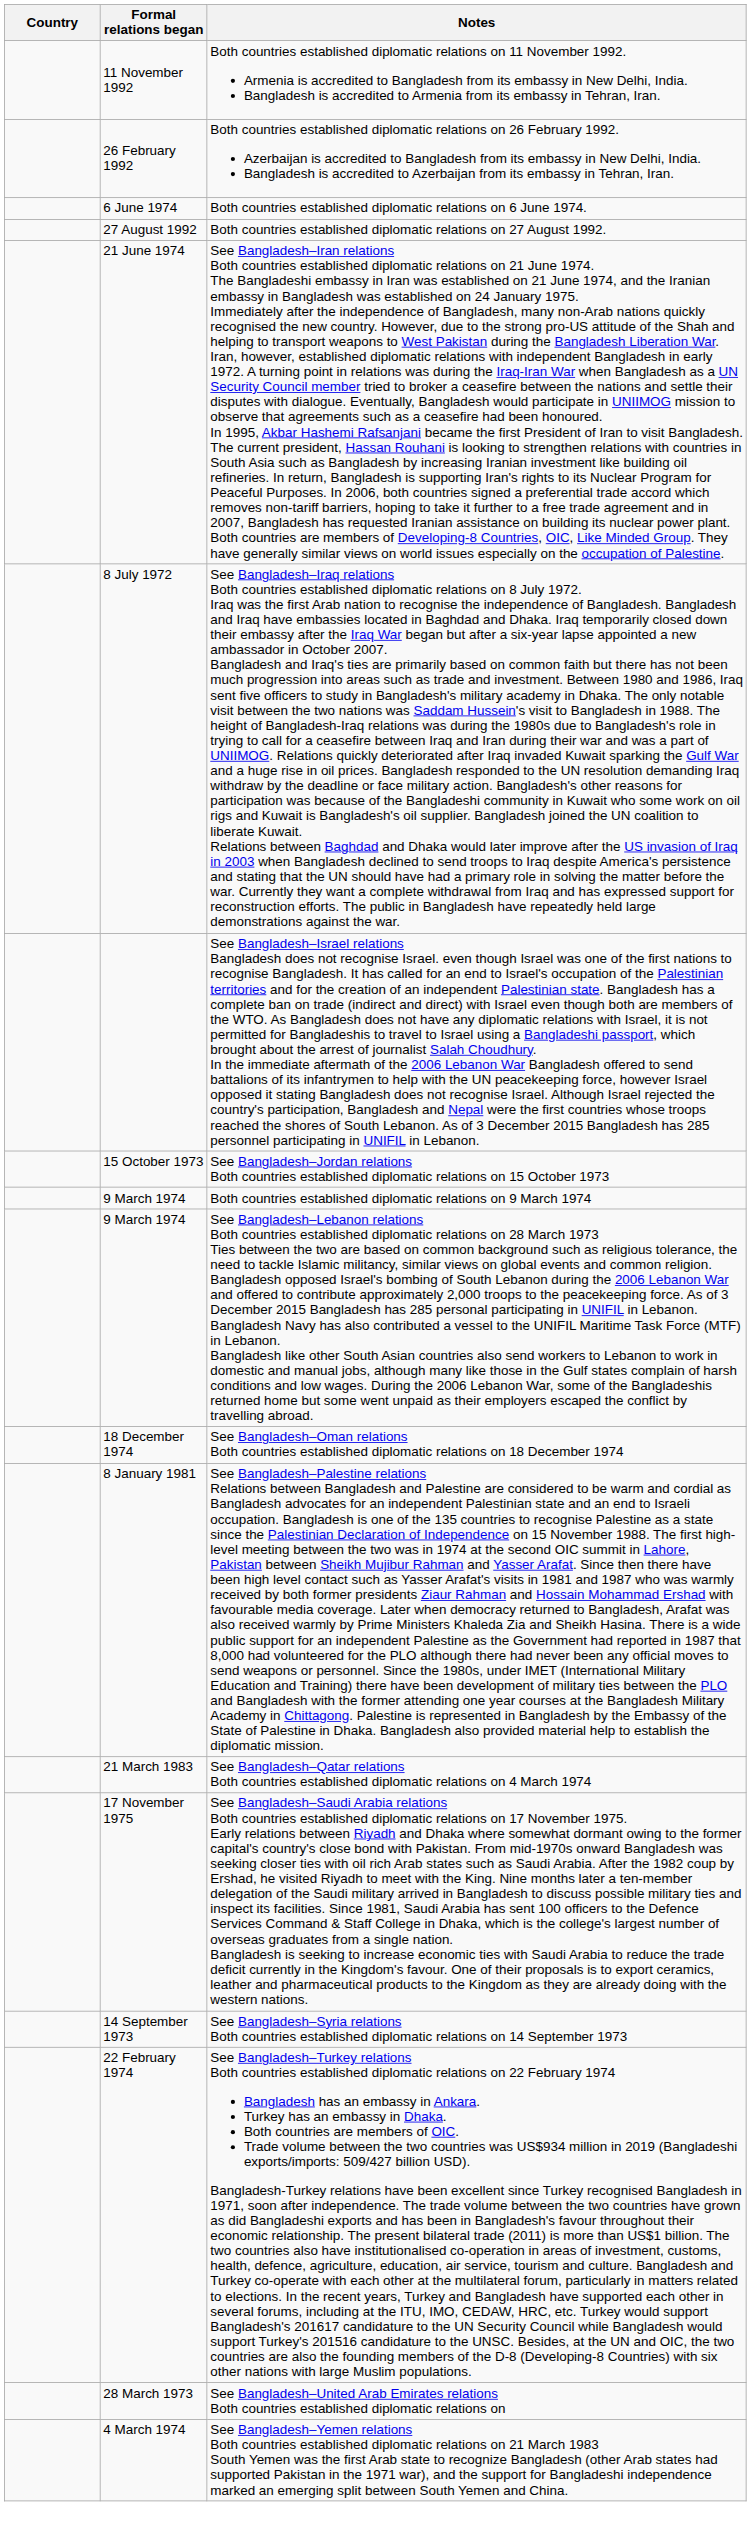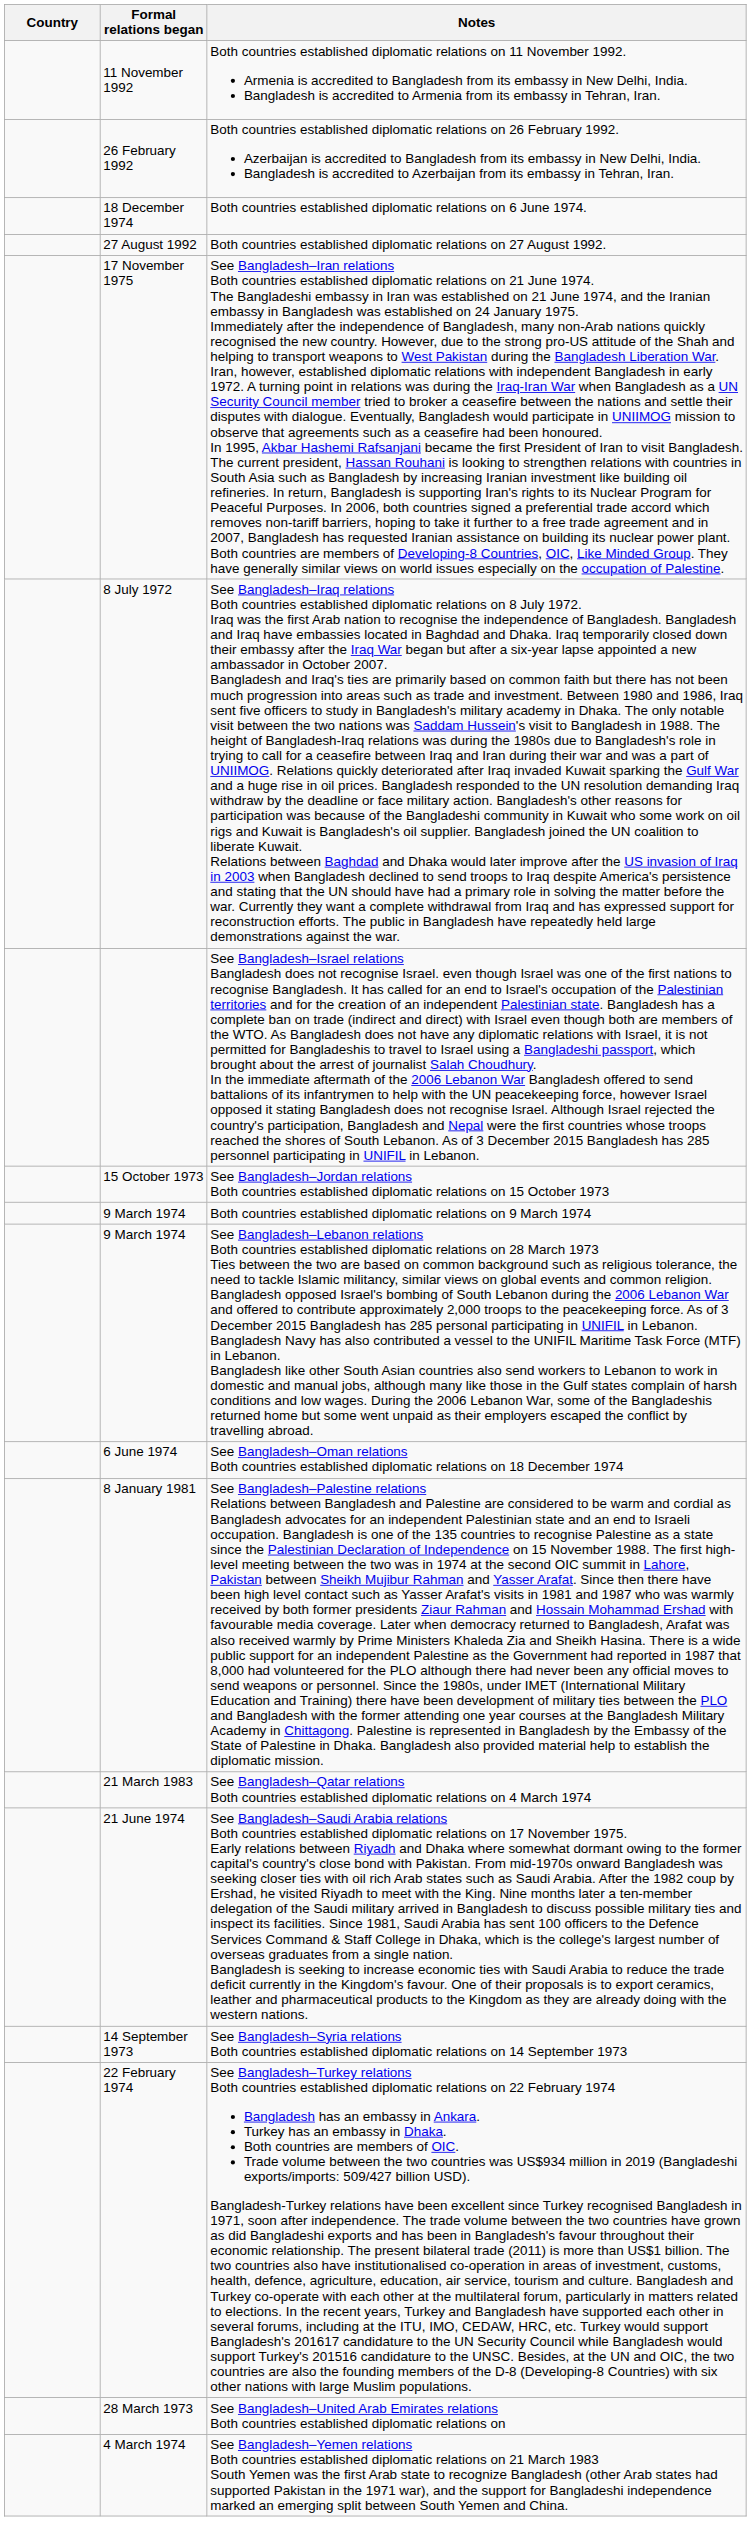 <table class="wikitable sortable" style="width:100%; margin:auto;">
 <tr>
 <th style="width:80pt;">Country</th>
 <th style="width:90pt;">Formal relations began</th>
 <th class=unsortable>Notes</th>
 </tr>
 <tr>
 <td></td>
 <td>11 November 1992</td>
 <td>Both countries established diplomatic relations on 11 November 1992.<br><ul><li>Armenia is accredited to Bangladesh from its embassy in New Delhi, India.</li><li>Bangladesh is accredited to Armenia from its embassy in Tehran, Iran.</li></ul></td>
 </tr>
 <tr>
 <td></td>
 <td>26 February 1992</td>
 <td>Both countries established diplomatic relations on 26 February 1992.<br><ul><li>Azerbaijan is accredited to Bangladesh from its embassy in New Delhi, India.</li><li>Bangladesh is accredited to Azerbaijan from its embassy in Tehran, Iran.</li></ul></td>
 </tr>
 <tr valign="top">
 <td></td>
-<td>6 June 1974</td>
+<td>18 December 1974</td>
 <td>Both countries established diplomatic relations on 6 June 1974.</td>
 </tr>
 <tr>
 <td></td>
 <td>27 August 1992</td>
 <td>Both countries established diplomatic relations on 27 August 1992.</td>
 </tr>
 <tr valign="top">
 <td></td>
-<td>21 June 1974</td>
+<td>17 November 1975</td>
 <td>See <a href='#'>Bangladesh–Iran relations</a><br>Both countries established diplomatic relations on 21 June 1974.<br>The Bangladeshi embassy in Iran was established on 21 June 1974, and the Iranian embassy in Bangladesh was established on 24 January 1975.<br>Immediately after the independence of Bangladesh, many non-Arab nations quickly recognised the new country. However, due to the strong pro-US attitude of the Shah and helping to transport weapons to <a href='#'>West Pakistan</a> during the <a href='#'>Bangladesh Liberation War</a>. Iran, however, established diplomatic relations with independent Bangladesh in early 1972. A turning point in relations was during the <a href='#'>Iraq-Iran War</a> when Bangladesh as a <a href='#'>UN Security Council member</a> tried to broker a ceasefire between the nations and settle their disputes with dialogue. Eventually, Bangladesh would participate in <a href='#'>UNIIMOG</a> mission to observe that agreements such as a ceasefire had been honoured.<br>In 1995, <a href='#'>Akbar Hashemi Rafsanjani</a> became the first President of Iran to visit Bangladesh. The current president, <a href='#'>Hassan Rouhani</a> is looking to strengthen relations with countries in South Asia such as Bangladesh by increasing Iranian investment like building oil refineries. In return, Bangladesh is supporting Iran's rights to its Nuclear Program for Peaceful Purposes. In 2006, both countries signed a preferential trade accord which removes non-tariff barriers, hoping to take it further to a free trade agreement and in 2007, Bangladesh has requested Iranian assistance on building its nuclear power plant.<br>Both countries are members of <a href='#'>Developing-8 Countries</a>, <a href='#'>OIC</a>, <a href='#'>Like Minded Group</a>. They have generally similar views on world issues especially on the <a href='#'>occupation of Palestine</a>.</td>
 </tr>
 <tr valign="top">
 <td></td>
 <td>8 July 1972</td>
 <td>See <a href='#'>Bangladesh–Iraq relations</a><br>Both countries established diplomatic relations on 8 July 1972.<br>Iraq was the first Arab nation to recognise the independence of Bangladesh. Bangladesh and Iraq have embassies located in Baghdad and Dhaka. Iraq temporarily closed down their embassy after the <a href='#'>Iraq War</a> began but after a six-year lapse appointed a new ambassador in October 2007.<br>Bangladesh and Iraq's ties are primarily based on common faith but there has not been much progression into areas such as trade and investment. Between 1980 and 1986, Iraq sent five officers to study in Bangladesh's military academy in Dhaka. The only notable visit between the two nations was <a href='#'>Saddam Hussein</a>'s visit to Bangladesh in 1988. The height of Bangladesh-Iraq relations was during the 1980s due to Bangladesh's role in trying to call for a ceasefire between Iraq and Iran during their war and was a part of <a href='#'>UNIIMOG</a>. Relations quickly deteriorated after Iraq invaded Kuwait sparking the <a href='#'>Gulf War</a> and a huge rise in oil prices. Bangladesh responded to the UN resolution demanding Iraq withdraw by the deadline or face military action. Bangladesh's other reasons for participation was because of the Bangladeshi community in Kuwait who some work on oil rigs and Kuwait is Bangladesh's oil supplier. Bangladesh joined the UN coalition to liberate Kuwait.<br>Relations between <a href='#'>Baghdad</a> and Dhaka would later improve after the <a href='#'>US invasion of Iraq in 2003</a> when Bangladesh declined to send troops to Iraq despite America's persistence and stating that the UN should have had a primary role in solving the matter before the war. Currently they want a complete withdrawal from Iraq and has expressed support for reconstruction efforts. The public in Bangladesh have repeatedly held large demonstrations against the war.</td>
 </tr>
 <tr valign="top">
 <td></td>
 <td></td>
 <td>See <a href='#'>Bangladesh–Israel relations</a><br>Bangladesh does not recognise Israel. even though Israel was one of the first nations to recognise Bangladesh. It has called for an end to Israel's occupation of the <a href='#'>Palestinian territories</a> and for the creation of an independent <a href='#'>Palestinian state</a>. Bangladesh has a complete ban on trade (indirect and direct) with Israel even though both are members of the WTO. As Bangladesh does not have any diplomatic relations with Israel, it is not permitted for Bangladeshis to travel to Israel using a <a href='#'>Bangladeshi passport</a>, which brought about the arrest of journalist <a href='#'>Salah Choudhury</a>.<br>In the immediate aftermath of the <a href='#'>2006 Lebanon War</a> Bangladesh offered to send battalions of its infantrymen to help with the UN peacekeeping force, however Israel opposed it stating Bangladesh does not recognise Israel. Although Israel rejected the country's participation, Bangladesh and <a href='#'>Nepal</a> were the first countries whose troops reached the shores of South Lebanon. As of 3 December 2015 Bangladesh has 285 personnel participating in <a href='#'>UNIFIL</a> in Lebanon.</td>
 </tr>
 <tr valign="top">
 <td></td>
 <td>15 October 1973</td>
 <td>See <a href='#'>Bangladesh–Jordan relations</a><br>Both countries established diplomatic relations on 15 October 1973</td>
 </tr>
 <tr>
 <td></td>
 <td>9 March 1974</td>
 <td>Both countries established diplomatic relations on 9 March 1974</td>
 </tr>
 <tr valign="top">
 <td></td>
 <td>9 March 1974</td>
 <td>See <a href='#'>Bangladesh–Lebanon relations</a><br>Both countries established diplomatic relations on 28 March 1973<br>Ties between the two are based on common background such as religious tolerance, the need to tackle Islamic militancy, similar views on global events and common religion. Bangladesh opposed Israel's bombing of South Lebanon during the <a href='#'>2006 Lebanon War</a> and offered to contribute approximately 2,000 troops to the peacekeeping force. As of 3 December 2015 Bangladesh has 285 personal participating in <a href='#'>UNIFIL</a> in Lebanon. Bangladesh Navy has also contributed a vessel to the UNIFIL Maritime Task Force (MTF) in Lebanon.<br>Bangladesh like other South Asian countries also send workers to Lebanon to work in domestic and manual jobs, although many like those in the Gulf states complain of harsh conditions and low wages. During the 2006 Lebanon War, some of the Bangladeshis returned home but some went unpaid as their employers escaped the conflict by travelling abroad.</td>
 </tr>
 <tr valign="top">
 <td></td>
-<td>18 December 1974</td>
+<td>6 June 1974</td>
 <td>See <a href='#'>Bangladesh–Oman relations</a><br>Both countries established diplomatic relations on 18 December 1974</td>
 </tr>
 <tr valign="top">
 <td></td>
 <td>8 January 1981</td>
 <td>See <a href='#'>Bangladesh–Palestine relations</a><br>Relations between Bangladesh and Palestine are considered to be warm and cordial as Bangladesh advocates for an independent Palestinian state and an end to Israeli occupation. Bangladesh is one of the 135 countries to recognise Palestine as a state since the <a href='#'>Palestinian Declaration of Independence</a> on 15 November 1988. The first high-level meeting between the two was in 1974 at the second OIC summit in <a href='#'>Lahore</a>, <a href='#'>Pakistan</a> between <a href='#'>Sheikh Mujibur Rahman</a> and <a href='#'>Yasser Arafat</a>. Since then there have been high level contact such as Yasser Arafat's visits in 1981 and 1987 who was warmly received by both former presidents <a href='#'>Ziaur Rahman</a> and <a href='#'>Hossain Mohammad Ershad</a> with favourable media coverage. Later when democracy returned to Bangladesh, Arafat was also received warmly by Prime Ministers Khaleda Zia and Sheikh Hasina. There is a wide public support for an independent Palestine as the Government had reported in 1987 that 8,000 had volunteered for the PLO although there had never been any official moves to send weapons or personnel. Since the 1980s, under IMET (International Military Education and Training) there have been development of military ties between the <a href='#'>PLO</a> and Bangladesh with the former attending one year courses at the Bangladesh Military Academy in <a href='#'>Chittagong</a>. Palestine is represented in Bangladesh by the Embassy of the State of Palestine in Dhaka. Bangladesh also provided material help to establish the diplomatic mission.</td>
 </tr>
 <tr valign="top">
 <td></td>
 <td>21 March 1983</td>
 <td>See <a href='#'>Bangladesh–Qatar relations</a><br>Both countries established diplomatic relations on 4 March 1974</td>
 </tr>
 <tr valign="top">
 <td></td>
-<td>17 November 1975</td>
+<td>21 June 1974</td>
 <td>See <a href='#'>Bangladesh–Saudi Arabia relations</a><br>Both countries established diplomatic relations on 17 November 1975.<br>Early relations between <a href='#'>Riyadh</a> and Dhaka where somewhat dormant owing to the former capital's country's close bond with Pakistan. From mid-1970s onward Bangladesh was seeking closer ties with oil rich Arab states such as Saudi Arabia. After the 1982 coup by Ershad, he visited Riyadh to meet with the King. Nine months later a ten-member delegation of the Saudi military arrived in Bangladesh to discuss possible military ties and inspect its facilities. Since 1981, Saudi Arabia has sent 100 officers to the Defence Services Command & Staff College in Dhaka, which is the college's largest number of overseas graduates from a single nation.<br>Bangladesh is seeking to increase economic ties with Saudi Arabia to reduce the trade deficit currently in the Kingdom's favour. One of their proposals is to export ceramics, leather and pharmaceutical products to the Kingdom as they are already doing with the western nations.</td>
 </tr>
 <tr valign="top">
 <td></td>
 <td>14 September 1973</td>
 <td>See <a href='#'>Bangladesh–Syria relations</a><br>Both countries established diplomatic relations on 14 September 1973</td>
 </tr>
 <tr valign="top">
 <td></td>
 <td>22 February 1974</td>
 <td>See <a href='#'>Bangladesh–Turkey relations</a><br>Both countries established diplomatic relations on 22 February 1974<ul><li><a href='#'>Bangladesh</a> has an embassy in <a href='#'>Ankara</a>.</li><li>Turkey has an embassy in <a href='#'>Dhaka</a>.</li><li>Both countries are members of <a href='#'>OIC</a>.</li><li>Trade volume between the two countries was US$934 million in 2019 (Bangladeshi exports/imports: 509/427 billion USD).</li></ul>Bangladesh-Turkey relations have been excellent since Turkey recognised Bangladesh in 1971, soon after independence. The trade volume between the two countries have grown as did Bangladeshi exports and has been in Bangladesh's favour throughout their economic relationship. The present bilateral trade (2011) is more than US$1 billion. The two countries also have institutionalised co-operation in areas of investment, customs, health, defence, agriculture, education, air service, tourism and culture. Bangladesh and Turkey co-operate with each other at the multilateral forum, particularly in matters related to elections. In the recent years, Turkey and Bangladesh have supported each other in several forums, including at the ITU, IMO, CEDAW, HRC, etc. Turkey would support Bangladesh's 201617 candidature to the UN Security Council while Bangladesh would support Turkey's 201516 candidature to the UNSC. Besides, at the UN and OIC, the two countries are also the founding members of the D-8 (Developing-8 Countries) with six other nations with large Muslim populations.</td>
 </tr>
 <tr valign="top">
 <td></td>
 <td>28 March 1973</td>
 <td>See <a href='#'>Bangladesh–United Arab Emirates relations</a><br>Both countries established diplomatic relations on </td>
 </tr>
 <tr valign="top">
 <td></td>
 <td>4 March 1974</td>
 <td>See <a href='#'>Bangladesh–Yemen relations</a><br>Both countries established diplomatic relations on 21 March 1983<br>South Yemen was the first Arab state to recognize Bangladesh (other Arab states had supported Pakistan in the 1971 war), and the support for Bangladeshi independence marked an emerging split between South Yemen and China.</td>
 </tr>
 </table>
